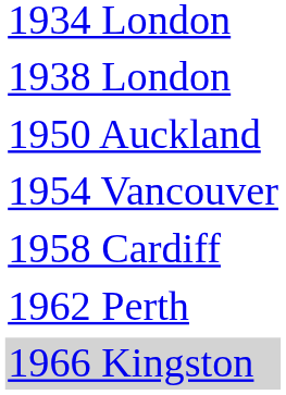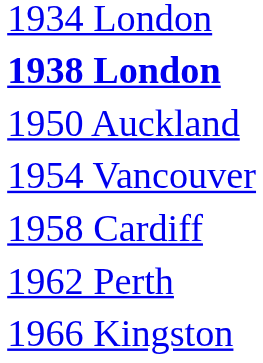 <table>
 <tr>
 <td><a href='#'>1934 London</a><br></td>
 <td></td>
 <td></td>
 <td></td>
 </tr>
 <tr>
-<td><a href='#'>1938 London</a><br></td>
+<td><strong><a href='#'>1938 London</a><br></strong></td>
 <td></td>
 <td></td>
 <td></td>
 </tr>
 <tr>
 <td><a href='#'>1950 Auckland</a><br></td>
 <td></td>
 <td></td>
 <td></td>
 </tr>
 <tr>
 <td><a href='#'>1954 Vancouver</a><br></td>
 <td></td>
 <td></td>
 <td></td>
 </tr>
 <tr>
 <td><a href='#'>1958 Cardiff</a><br></td>
 <td></td>
 <td></td>
 <td></td>
 </tr>
 <tr>
 <td><a href='#'>1962 Perth</a><br></td>
 <td></td>
 <td></td>
 <td></td>
 </tr>
 <tr>
-<td style="background: lightgrey;"><a href='#'>1966 Kingston</a><br></td>
+<td><a href='#'>1966 Kingston</a><br></td>
 <td></td>
 <td></td>
 <td></td>
 </tr>
 </table>
